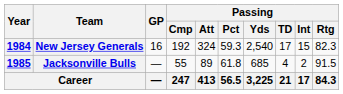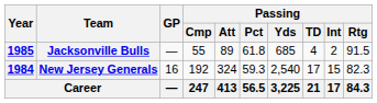 <table class=wikitable style="text-align:center;">
 <tr>
 <th rowspan="2">Year</th>
 <th rowspan="2">Team</th>
 <th rowspan="2">GP</th>
 <th colspan="7">Passing</th>
 </tr>
 <tr>
 <th>Cmp</th>
 <th>Att</th>
 <th>Pct</th>
 <th>Yds</th>
 <th>TD</th>
 <th>Int</th>
 <th>Rtg</th>
 </tr>
 <tr>
+<th><a href='#'>1985</a></th>
+<th><a href='#'>Jacksonville Bulls</a></th>
+<td>—</td>
+<td>55</td>
+<td>89</td>
+<td>61.8</td>
+<td>685</td>
+<td>4</td>
+<td>2</td>
+<td>91.5</td>
+</tr>
+<tr>
 <th><a href='#'>1984</a></th>
 <th><a href='#'>New Jersey Generals</a></th>
 <td>16</td>
 <td>192</td>
 <td>324</td>
 <td>59.3</td>
 <td>2,540</td>
 <td>17</td>
 <td>15</td>
 <td>82.3</td>
-</tr>
-<tr>
-<th><a href='#'>1985</a></th>
-<th><a href='#'>Jacksonville Bulls</a></th>
-<td>—</td>
-<td>55</td>
-<td>89</td>
-<td>61.8</td>
-<td>685</td>
-<td>4</td>
-<td>2</td>
-<td>91.5</td>
 </tr>
 <tr>
 <th colspan="2">Career</th>
 <th>—</th>
 <th>247</th>
 <th>413</th>
 <th>56.5</th>
 <th>3,225</th>
 <th>21</th>
 <th>17</th>
 <th>84.3</th>
 </tr>
 </table>
